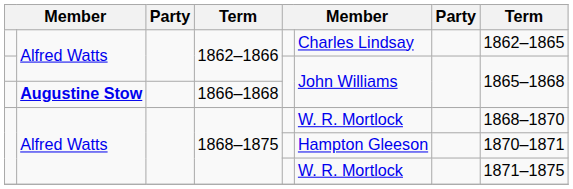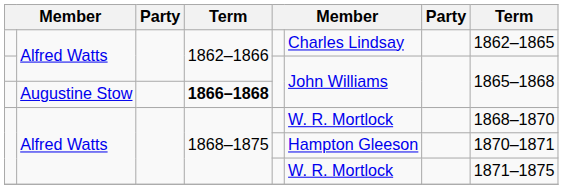 <table class="wikitable">
 <tr>
 <th colspan="2">Member</th>
 <th>Party</th>
 <th>Term</th>
 <th colspan="2">Member</th>
 <th>Party</th>
 <th>Term</th>
 </tr>
 <tr>
 <td> </td>
 <td rowspan="2"><a href='#'>Alfred Watts</a></td>
 <td rowspan="2"></td>
 <td rowspan="2">1862–1866</td>
 <td> </td>
 <td><a href='#'>Charles Lindsay</a></td>
 <td></td>
 <td>1862–1865</td>
 </tr>
 <tr>
 <td> </td>
 <td rowspan="2" > </td>
 <td rowspan="2"><a href='#'>John Williams</a></td>
 <td rowspan="2"></td>
 <td rowspan="2">1865–1868</td>
 </tr>
 <tr>
 <td> </td>
-<td><strong><a href='#'>Augustine Stow</a></strong></td>
+<td><a href='#'>Augustine Stow</a></td>
 <td></td>
-<td>1866–1868</td>
+<td><strong>1866–1868</strong></td>
 </tr>
 <tr>
 <td rowspan="3" > </td>
 <td rowspan="3"><a href='#'>Alfred Watts</a></td>
 <td rowspan="3"></td>
 <td rowspan="3">1868–1875</td>
 <td> </td>
 <td><a href='#'>W. R. Mortlock</a></td>
 <td></td>
 <td>1868–1870</td>
 </tr>
 <tr>
 <td> </td>
 <td><a href='#'>Hampton Gleeson</a></td>
 <td></td>
 <td>1870–1871</td>
 </tr>
 <tr>
 <td> </td>
 <td><a href='#'>W. R. Mortlock</a></td>
 <td></td>
 <td>1871–1875</td>
 </tr>
 <tr>
 </tr>
 </table>
